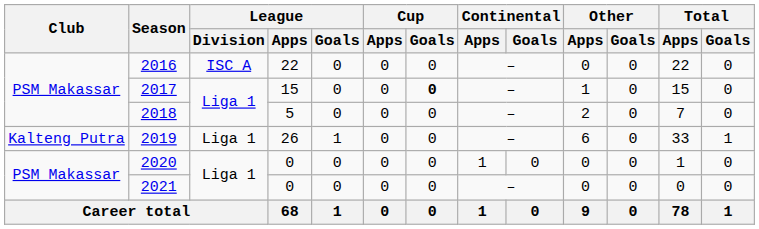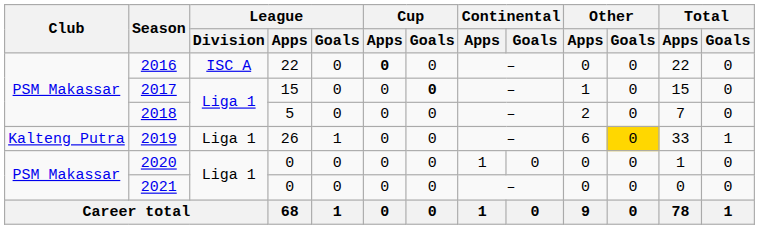 <table class="wikitable" style="text-align: center">
 <tr>
 <th rowspan="2">Club</th>
 <th rowspan="2">Season</th>
 <th colspan="3">League</th>
 <th colspan="2">Cup</th>
 <th colspan="2">Continental</th>
 <th colspan="2">Other</th>
 <th colspan="2">Total</th>
 </tr>
 <tr>
 <th>Division</th>
 <th>Apps</th>
 <th>Goals</th>
 <th>Apps</th>
 <th>Goals</th>
 <th>Apps</th>
 <th>Goals</th>
 <th>Apps</th>
 <th>Goals</th>
 <th>Apps</th>
 <th>Goals</th>
 </tr>
 <tr>
 <td rowspan="3"><a href='#'>PSM Makassar</a></td>
 <td><a href='#'>2016</a></td>
 <td><a href='#'>ISC A</a></td>
 <td>22</td>
 <td>0</td>
-<td>0</td>
+<td><strong>0</strong></td>
 <td>0</td>
 <td colspan="2">–</td>
 <td>0</td>
 <td>0</td>
 <td>22</td>
 <td>0</td>
 </tr>
 <tr>
 <td><a href='#'>2017</a></td>
 <td rowspan="2"><a href='#'>Liga 1</a></td>
 <td>15</td>
 <td>0</td>
 <td>0</td>
 <td><strong>0</strong></td>
 <td colspan="2">–</td>
 <td>1</td>
 <td>0</td>
 <td>15</td>
 <td>0</td>
 </tr>
 <tr>
 <td><a href='#'>2018</a></td>
 <td>5</td>
 <td>0</td>
 <td>0</td>
 <td>0</td>
 <td colspan="2">–</td>
 <td>2</td>
 <td>0</td>
 <td>7</td>
 <td>0</td>
 </tr>
 <tr>
 <td rowspan="1"><a href='#'>Kalteng Putra</a></td>
 <td><a href='#'>2019</a></td>
 <td rowspan="1">Liga 1</td>
 <td>26</td>
 <td>1</td>
 <td>0</td>
 <td>0</td>
 <td colspan="2">–</td>
 <td>6</td>
-<td>0</td>
+<td style="background: gold;">0</td>
 <td>33</td>
 <td>1</td>
 </tr>
 <tr>
 <td rowspan="2"><a href='#'>PSM Makassar</a></td>
 <td><a href='#'>2020</a></td>
 <td rowspan="2">Liga 1</td>
 <td>0</td>
 <td>0</td>
 <td>0</td>
 <td>0</td>
 <td>1</td>
 <td>0</td>
 <td>0</td>
 <td>0</td>
 <td>1</td>
 <td>0</td>
 </tr>
 <tr>
 <td><a href='#'>2021</a></td>
 <td>0</td>
 <td>0</td>
 <td>0</td>
 <td>0</td>
 <td colspan="2">–</td>
 <td>0</td>
 <td>0</td>
 <td>0</td>
 <td>0</td>
 </tr>
 <tr>
 <th colspan=3>Career total</th>
 <th>68</th>
 <th>1</th>
 <th>0</th>
 <th>0</th>
 <th>1</th>
 <th>0</th>
 <th>9</th>
 <th>0</th>
 <th>78</th>
 <th>1</th>
 </tr>
 </table>
